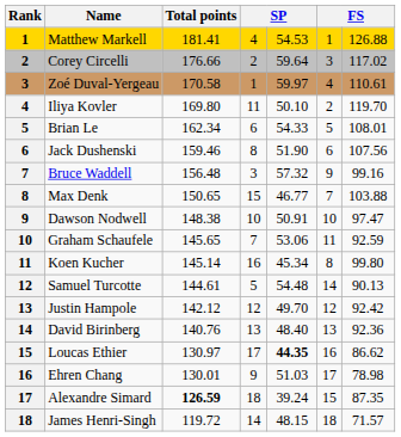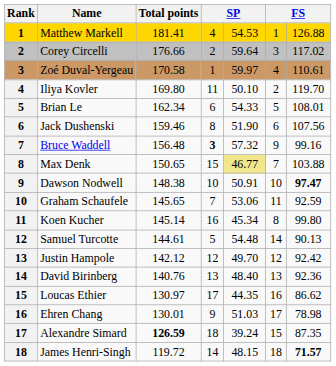 <table class="wikitable sortable">
 <tr>
 <th>Rank</th>
 <th>Name</th>
 <th>Total points</th>
 <th colspan="2" width="80px"><a href='#'>SP</a></th>
 <th colspan="2" width="80px"><a href='#'>FS</a></th>
 </tr>
 <tr bgcolor="gold">
 <td align="center"><strong>1</strong></td>
 <td>Matthew Markell</td>
 <td align="center">181.41</td>
 <td align="center">4</td>
 <td align="center">54.53</td>
 <td align="center">1</td>
 <td align="center">126.88</td>
 </tr>
 <tr bgcolor="silver">
 <td align="center"><strong>2</strong></td>
 <td>Corey Circelli</td>
 <td align="center">176.66</td>
 <td align="center">2</td>
 <td align="center">59.64</td>
 <td align="center">3</td>
 <td align="center">117.02</td>
 </tr>
 <tr bgcolor="cc9966">
 <td align="center"><strong>3</strong></td>
 <td>Zoé Duval-Yergeau</td>
 <td align="center">170.58</td>
 <td align="center">1</td>
 <td align="center">59.97</td>
 <td align="center">4</td>
 <td align="center">110.61</td>
 </tr>
 <tr>
 <th>4</th>
 <td>Iliya Kovler</td>
 <td align="center">169.80</td>
 <td align="center">11</td>
 <td align="center">50.10</td>
 <td align="center">2</td>
 <td align="center">119.70</td>
 </tr>
 <tr>
 <th>5</th>
 <td>Brian Le</td>
 <td align="center">162.34</td>
 <td align="center">6</td>
 <td align="center">54.33</td>
 <td align="center">5</td>
 <td align="center">108.01</td>
 </tr>
 <tr>
 <th>6</th>
 <td>Jack Dushenski</td>
 <td align="center">159.46</td>
 <td align="center">8</td>
 <td align="center">51.90</td>
 <td align="center">6</td>
 <td align="center">107.56</td>
 </tr>
 <tr>
 <th>7</th>
 <td><a href='#'>Bruce Waddell</a></td>
 <td align="center">156.48</td>
-<td align="center">3</td>
+<td align="center"><strong>3</strong></td>
 <td align="center">57.32</td>
 <td align="center">9</td>
 <td align="center">99.16</td>
 </tr>
 <tr>
 <th>8</th>
 <td>Max Denk</td>
 <td align="center">150.65</td>
 <td align="center">15</td>
-<td align="center">46.77</td>
+<td align="center" style="background: khaki;">46.77</td>
 <td align="center">7</td>
 <td align="center">103.88</td>
 </tr>
 <tr>
 <th>9</th>
 <td>Dawson Nodwell</td>
 <td align="center">148.38</td>
 <td align="center">10</td>
 <td align="center">50.91</td>
 <td align="center">10</td>
-<td align="center">97.47</td>
+<td align="center"><strong>97.47</strong></td>
 </tr>
 <tr>
 <th>10</th>
 <td>Graham Schaufele</td>
 <td align="center">145.65</td>
 <td align="center">7</td>
 <td align="center">53.06</td>
 <td align="center">11</td>
 <td align="center">92.59</td>
 </tr>
 <tr>
 <th>11</th>
 <td>Koen Kucher</td>
 <td align="center">145.14</td>
 <td align="center">16</td>
 <td align="center">45.34</td>
 <td align="center">8</td>
 <td align="center">99.80</td>
 </tr>
 <tr>
 <th>12</th>
 <td>Samuel Turcotte</td>
 <td align="center">144.61</td>
 <td align="center">5</td>
 <td align="center">54.48</td>
 <td align="center">14</td>
 <td align="center">90.13</td>
 </tr>
 <tr>
 <th>13</th>
 <td>Justin Hampole</td>
 <td align="center">142.12</td>
 <td align="center">12</td>
 <td align="center">49.70</td>
 <td align="center">12</td>
 <td align="center">92.42</td>
 </tr>
 <tr>
 <th>14</th>
 <td>David Birinberg</td>
 <td align="center">140.76</td>
 <td align="center">13</td>
 <td align="center">48.40</td>
 <td align="center">13</td>
 <td align="center">92.36</td>
 </tr>
 <tr>
 <th>15</th>
 <td>Loucas Ethier</td>
 <td align="center">130.97</td>
 <td align="center">17</td>
-<td align="center"><strong>44.35</strong></td>
+<td align="center">44.35</td>
 <td align="center">16</td>
 <td align="center">86.62</td>
 </tr>
 <tr>
 <th>16</th>
 <td>Ehren Chang</td>
 <td align="center">130.01</td>
 <td align="center">9</td>
 <td align="center">51.03</td>
 <td align="center">17</td>
 <td align="center">78.98</td>
 </tr>
 <tr>
 <th>17</th>
 <td>Alexandre Simard</td>
 <td align="center"><strong>126.59</strong></td>
 <td align="center">18</td>
 <td align="center">39.24</td>
 <td align="center">15</td>
 <td align="center">87.35</td>
 </tr>
 <tr>
 <th>18</th>
 <td>James Henri-Singh</td>
 <td align="center">119.72</td>
 <td align="center">14</td>
 <td align="center">48.15</td>
 <td align="center">18</td>
-<td align="center">71.57</td>
+<td align="center"><strong>71.57</strong></td>
 </tr>
 </table>
